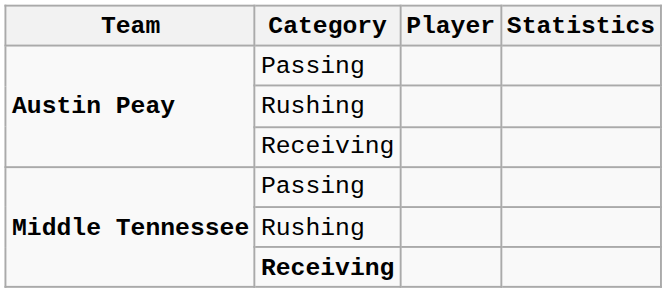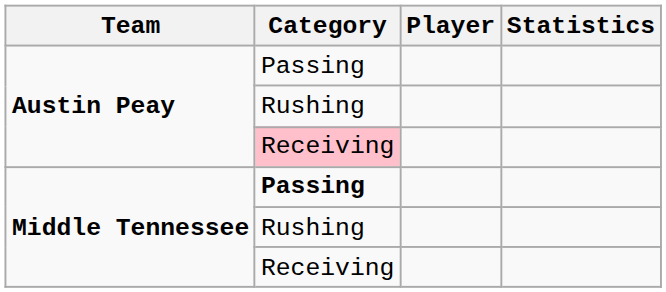 <table class="wikitable" style="float: right;">
 <tr>
 <th>Team</th>
 <th>Category</th>
 <th>Player</th>
 <th>Statistics</th>
 </tr>
 <tr>
 <td rowspan=3><strong>Austin Peay</strong></td>
 <td>Passing</td>
 <td></td>
 <td></td>
 </tr>
 <tr>
 <td>Rushing</td>
 <td></td>
 <td></td>
 </tr>
 <tr>
-<td>Receiving</td>
+<td style="background: pink;">Receiving</td>
 <td></td>
 <td></td>
 </tr>
 <tr>
 <td rowspan=3><strong>Middle Tennessee</strong></td>
-<td>Passing</td>
+<td><strong>Passing</strong></td>
 <td></td>
 <td></td>
 </tr>
 <tr>
 <td>Rushing</td>
 <td></td>
 <td></td>
 </tr>
 <tr>
-<td><strong>Receiving</strong></td>
+<td>Receiving</td>
 <td></td>
 <td></td>
 </tr>
 </table>
